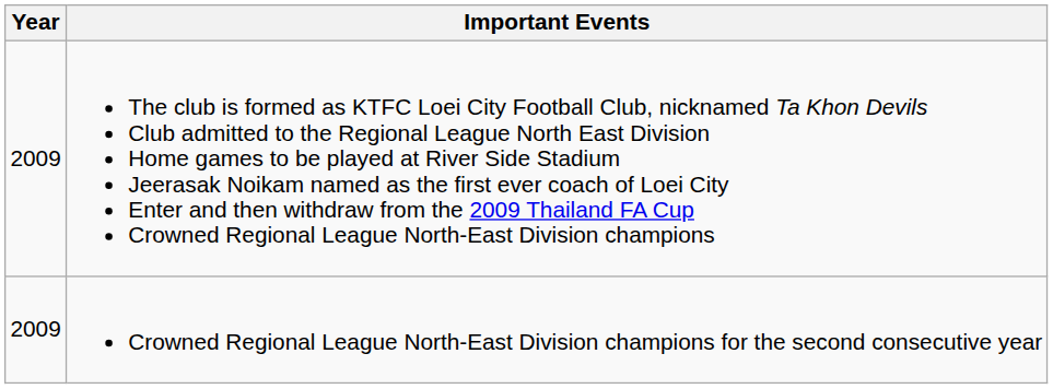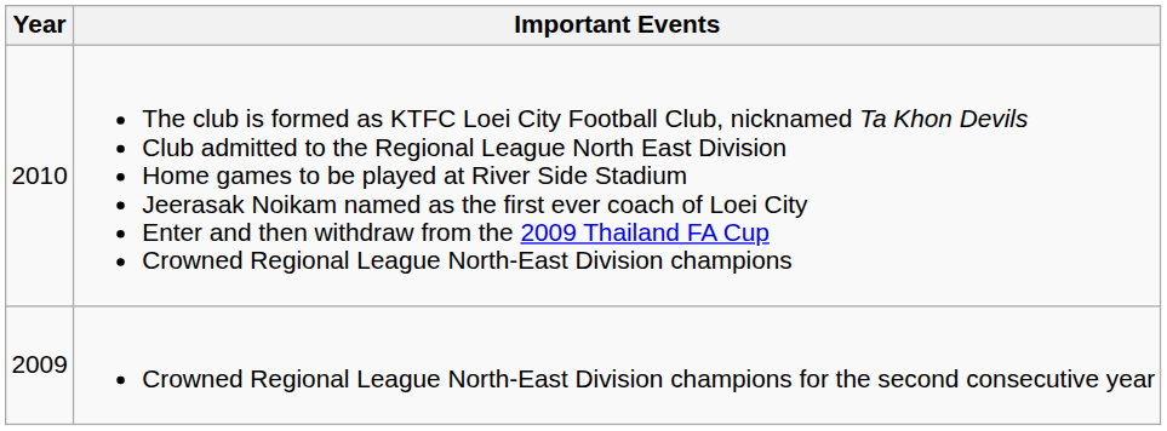 <table class="wikitable">
 <tr>
 <th>Year</th>
 <th>Important Events</th>
 </tr>
 <tr>
-<td>2009</td>
+<td>2010</td>
 <td><br><ul><li>The club is formed as KTFC Loei City Football Club, nicknamed <em>Ta Khon Devils</em></li><li>Club admitted to the Regional League North East Division</li><li>Home games to be played at River Side Stadium</li><li>Jeerasak Noikam named as the first ever coach of Loei City</li><li>Enter and then withdraw from the <a href='#'>2009 Thailand FA Cup</a></li><li>Crowned Regional League North-East Division champions</li></ul></td>
 </tr>
 <tr>
 <td>2009</td>
 <td><br><ul><li>Crowned Regional League North-East Division champions for the second consecutive year</li></ul></td>
 </tr>
 </table>
